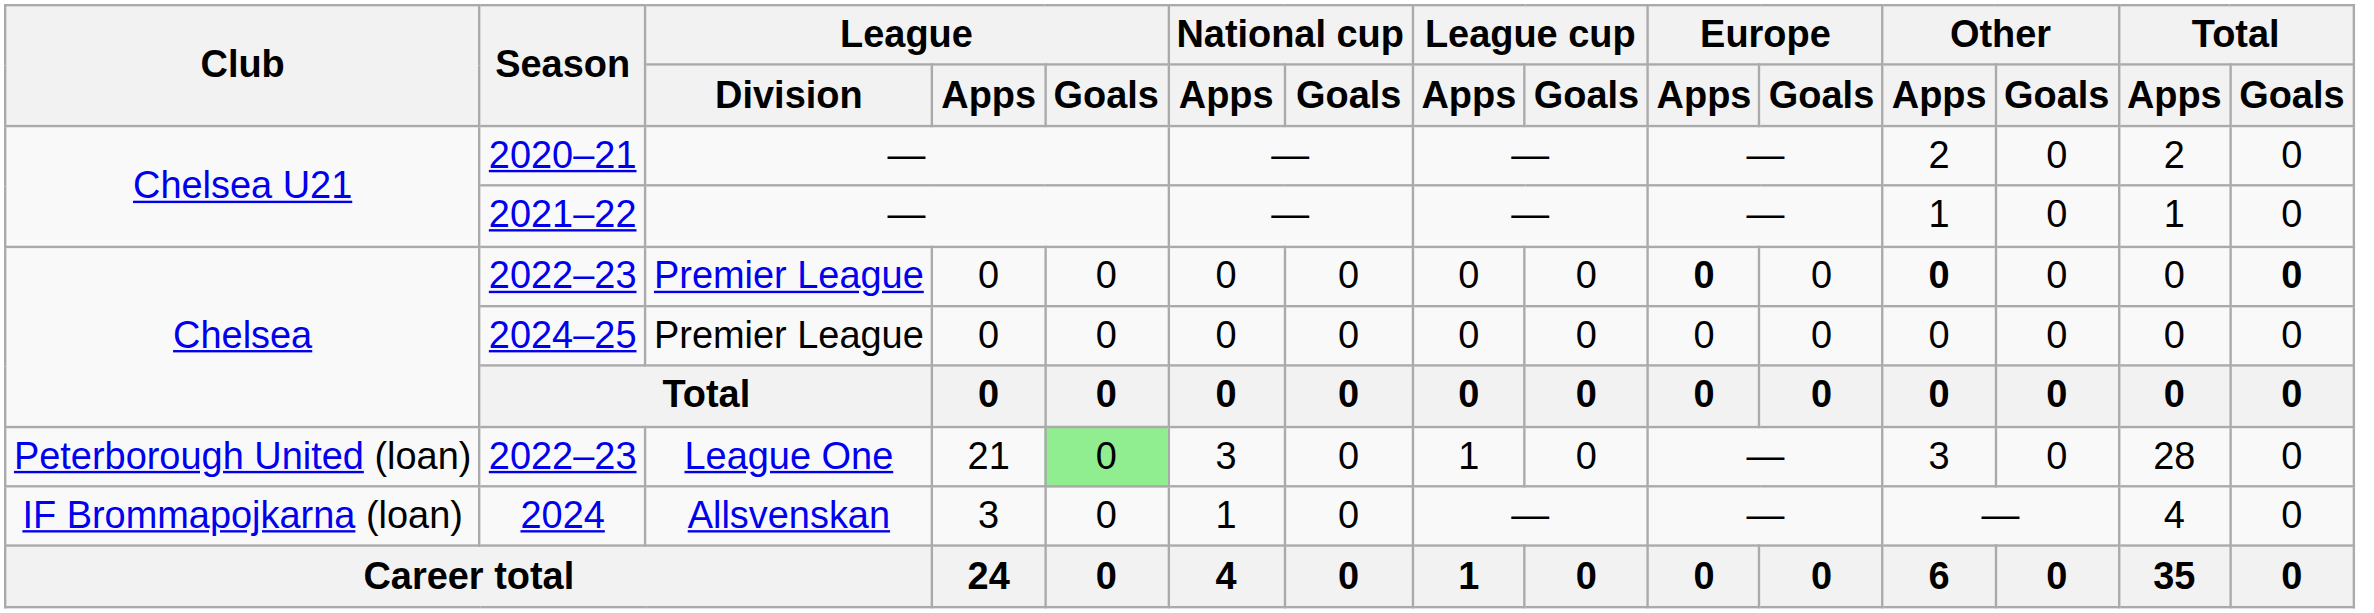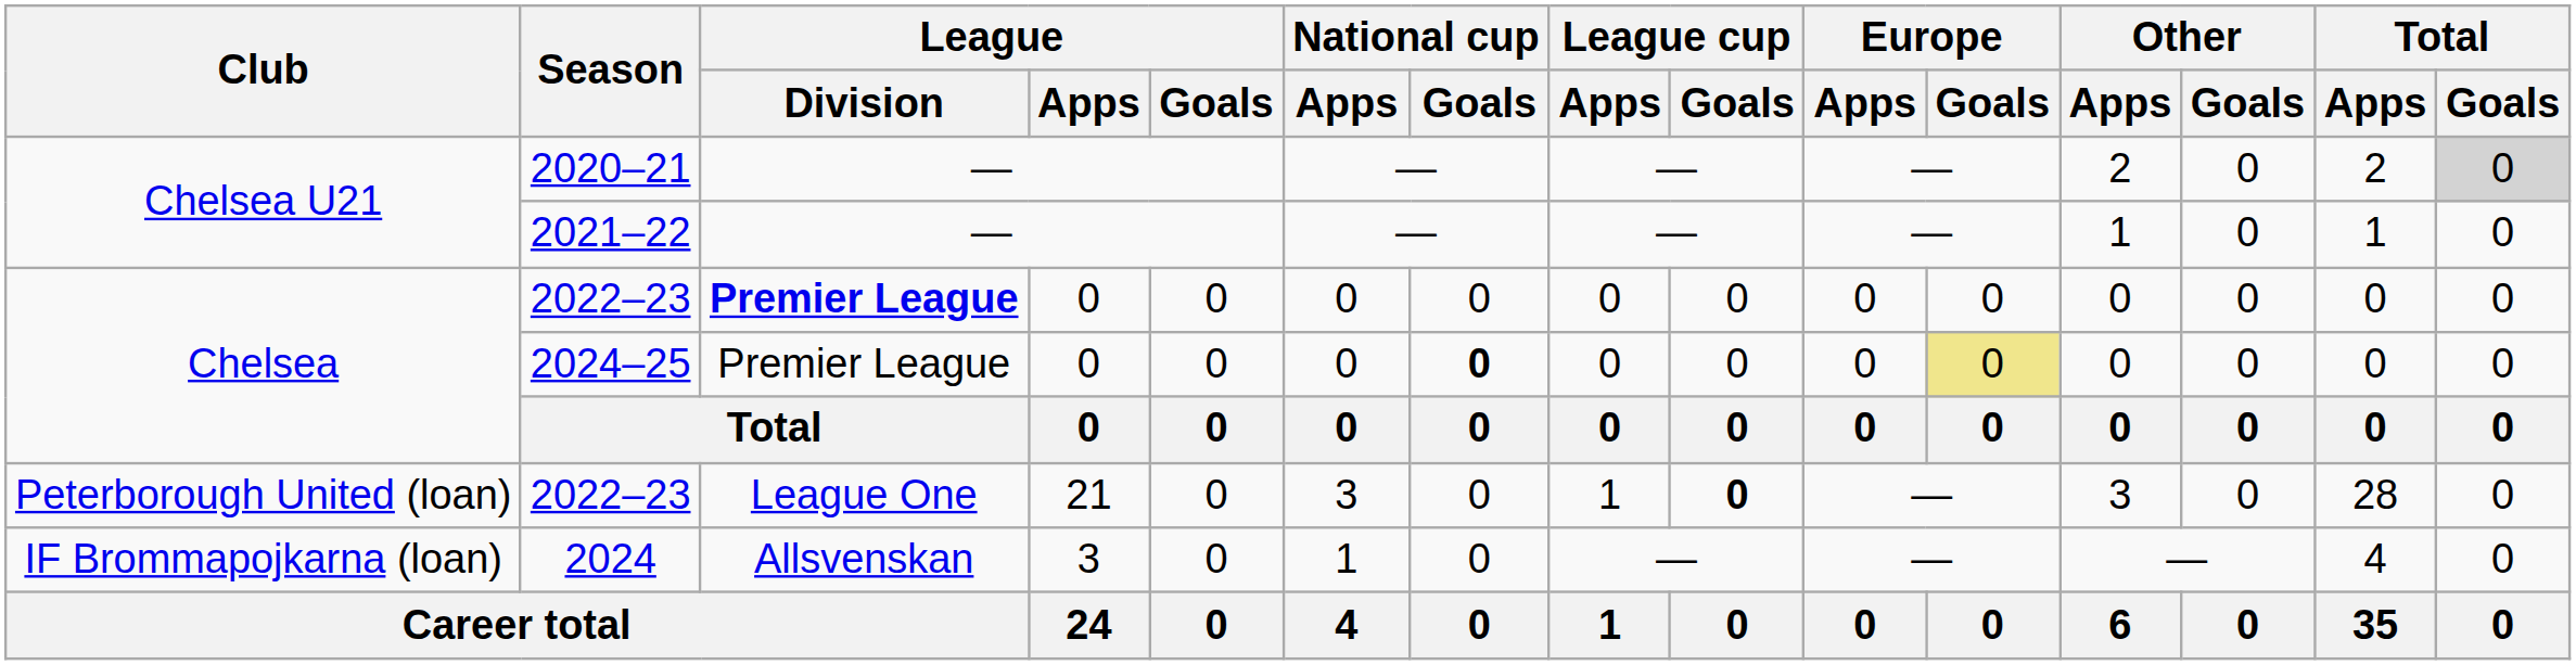 <table class="wikitable" style="text-align: center">
 <tr>
 <th rowspan="2">Club</th>
 <th rowspan="2">Season</th>
 <th colspan="3">League</th>
 <th colspan="2">National cup</th>
 <th colspan="2">League cup</th>
 <th colspan="2">Europe</th>
 <th colspan="2">Other</th>
 <th colspan="2">Total</th>
 </tr>
 <tr>
 <th>Division</th>
 <th>Apps</th>
 <th>Goals</th>
 <th>Apps</th>
 <th>Goals</th>
 <th>Apps</th>
 <th>Goals</th>
 <th>Apps</th>
 <th>Goals</th>
 <th>Apps</th>
 <th>Goals</th>
 <th>Apps</th>
 <th>Goals</th>
 </tr>
 <tr>
 <td rowspan=2><a href='#'>Chelsea U21</a></td>
 <td><a href='#'>2020–21</a></td>
 <td colspan=3>—</td>
 <td colspan=2>—</td>
 <td colspan=2>—</td>
 <td colspan=2>—</td>
 <td>2</td>
 <td>0</td>
 <td>2</td>
-<td>0</td>
+<td style="background: lightgrey;">0</td>
 </tr>
 <tr>
 <td><a href='#'>2021–22</a></td>
 <td colspan=3>—</td>
 <td colspan=2>—</td>
 <td colspan=2>—</td>
 <td colspan=2>—</td>
 <td>1</td>
 <td>0</td>
 <td>1</td>
 <td>0</td>
 </tr>
 <tr>
 <td rowspan=3><a href='#'>Chelsea</a></td>
 <td><a href='#'>2022–23</a></td>
-<td><a href='#'>Premier League</a></td>
-<td>0</td>
-<td>0</td>
-<td>0</td>
-<td>0</td>
-<td>0</td>
-<td>0</td>
-<td><strong>0</strong></td>
-<td>0</td>
-<td><strong>0</strong></td>
-<td>0</td>
-<td>0</td>
-<td><strong>0</strong></td>
-</tr>
-<tr>
-<td><a href='#'>2024–25</a></td>
-<td>Premier League</td>
+<td><strong><a href='#'>Premier League</a></strong></td>
 <td>0</td>
 <td>0</td>
 <td>0</td>
 <td>0</td>
 <td>0</td>
 <td>0</td>
 <td>0</td>
 <td>0</td>
+<td>0</td>
+<td>0</td>
+<td>0</td>
+<td>0</td>
+</tr>
+<tr>
+<td><a href='#'>2024–25</a></td>
+<td>Premier League</td>
+<td>0</td>
+<td>0</td>
+<td>0</td>
+<td><strong>0</strong></td>
+<td>0</td>
+<td>0</td>
+<td>0</td>
+<td style="background: khaki;">0</td>
 <td>0</td>
 <td>0</td>
 <td>0</td>
 <td>0</td>
 </tr>
 <tr>
 <th colspan="2">Total</th>
 <th>0</th>
 <th>0</th>
 <th>0</th>
 <th>0</th>
 <th>0</th>
 <th>0</th>
 <th>0</th>
 <th>0</th>
 <th>0</th>
 <th>0</th>
 <th>0</th>
 <th>0</th>
 </tr>
 <tr>
 <td><a href='#'>Peterborough United</a> (loan)</td>
 <td><a href='#'>2022–23</a></td>
 <td><a href='#'>League One</a></td>
 <td>21</td>
-<td style="background: lightgreen;">0</td>
+<td>0</td>
 <td>3</td>
 <td>0</td>
 <td>1</td>
-<td>0</td>
+<td><strong>0</strong></td>
 <td colspan=2>—</td>
 <td>3</td>
 <td>0</td>
 <td>28</td>
 <td>0</td>
 </tr>
 <tr>
 <td><a href='#'>IF Brommapojkarna</a> (loan)</td>
 <td><a href='#'>2024</a></td>
 <td><a href='#'>Allsvenskan</a></td>
 <td>3</td>
 <td>0</td>
 <td>1</td>
 <td>0</td>
 <td colspan=2>—</td>
 <td colspan=2>—</td>
 <td colspan=2>—</td>
 <td>4</td>
 <td>0</td>
 </tr>
 <tr>
 <th colspan="3">Career total</th>
 <th>24</th>
 <th>0</th>
 <th>4</th>
 <th>0</th>
 <th>1</th>
 <th>0</th>
 <th>0</th>
 <th>0</th>
 <th>6</th>
 <th>0</th>
 <th>35</th>
 <th>0</th>
 </tr>
 </table>
